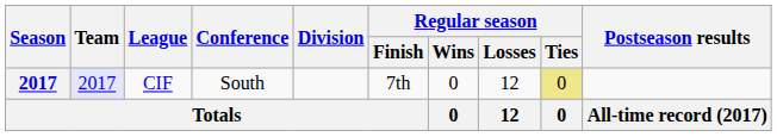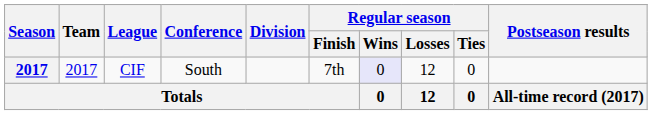 <table class="wikitable" style="text-align:center; font-size: 95%;">
 <tr>
 <th rowspan="2"><a href='#'>Season</a></th>
 <th rowspan="2">Team</th>
 <th rowspan="2"><a href='#'>League</a></th>
 <th rowspan="2"><a href='#'>Conference</a></th>
 <th rowspan="2"><a href='#'>Division</a></th>
 <th colspan="4"><a href='#'>Regular season</a></th>
 <th rowspan="2"><a href='#'>Postseason</a> results</th>
 </tr>
 <tr>
 <th>Finish</th>
 <th>Wins</th>
 <th>Losses</th>
 <th>Ties</th>
 </tr>
 <tr>
 <th><a href='#'>2017</a></th>
-<td style="background: lavender;"><a href='#'>2017</a></td>
+<td><a href='#'>2017</a></td>
 <td><a href='#'>CIF</a></td>
 <td>South</td>
 <td></td>
 <td>7th</td>
+<td style="background: lavender;">0</td>
+<td>12</td>
 <td>0</td>
-<td>12</td>
-<td style="background: khaki;">0</td>
 <td></td>
 </tr>
 <tr>
 <th rowspan="5" colspan="6">Totals</th>
 <th>0</th>
 <th>12</th>
 <th>0</th>
 <th colspan="3">All-time record (2017)</th>
 </tr>
 </table>
